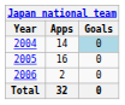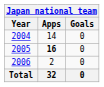 <table class="wikitable" style="text-align:center">
 <tr>
 <th colspan=3><a href='#'>Japan national team</a></th>
 </tr>
 <tr>
 <th>Year</th>
 <th>Apps</th>
 <th>Goals</th>
 </tr>
 <tr>
 <td><a href='#'>2004</a></td>
 <td>14</td>
-<td style="background: lightblue;">0</td>
+<td>0</td>
 </tr>
 <tr>
 <td><a href='#'>2005</a></td>
-<td>16</td>
+<td><strong>16</strong></td>
 <td>0</td>
 </tr>
 <tr>
 <td><a href='#'>2006</a></td>
 <td>2</td>
 <td>0</td>
 </tr>
 <tr>
 <th>Total</th>
 <th>32</th>
 <th>0</th>
 </tr>
 </table>
